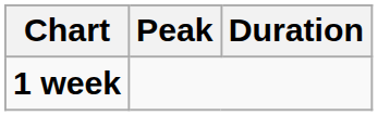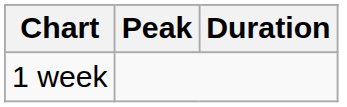 <table class="wikitable plainrowheaders" style="text-align:center">
 <tr>
 <th scope="col">Chart</th>
 <th scope="col">Peak</th>
 <th scope="col">Duration</th>
 </tr>
 <tr>
-<td><strong>1 week</strong></td>
+<td>1 week</td>
 </tr>
 </table>
